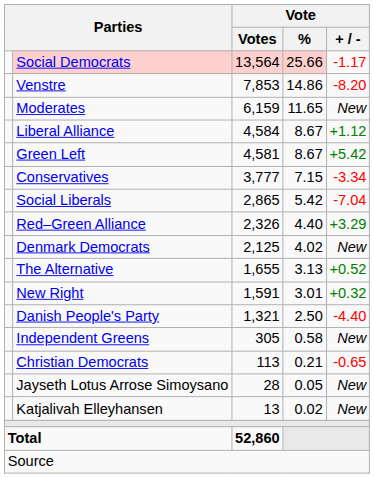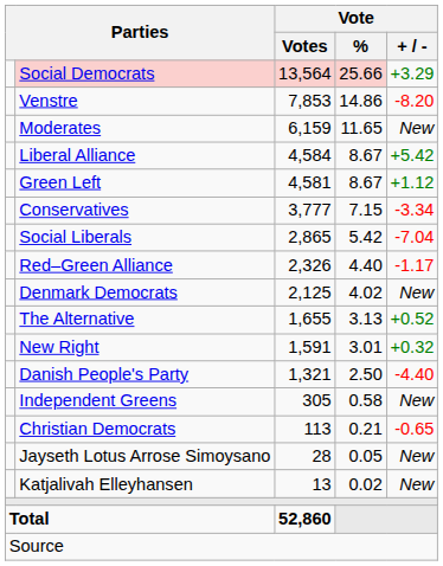 <table class="wikitable" style="text-align:right;">
 <tr>
 <th style="text-align:centre;" rowspan="2" colspan="2" width="225">Parties</th>
 <th colspan="3">Vote</th>
 </tr>
 <tr>
 <th width="15">Votes</th>
 <th width="15">%</th>
 <th width="15">+ / -</th>
 </tr>
 <tr>
 <td width="2" style="color:inherit;background:"></td>
 <td bgcolor=#fbd0ce  align="left"><a href='#'>Social Democrats</a></td>
 <td bgcolor=#fbd0ce>13,564</td>
 <td bgcolor=#fbd0ce>25.66</td>
-<td style=color:red;>-1.17</td>
+<td style=color:green;>+3.29</td>
 </tr>
 <tr>
 <td width="2" style="color:inherit;background:"></td>
 <td align="left"><a href='#'>Venstre</a></td>
 <td>7,853</td>
 <td>14.86</td>
 <td style=color:red;>-8.20</td>
 </tr>
 <tr>
 <td width="2" style="color:inherit;background:"></td>
 <td align="left"><a href='#'>Moderates</a></td>
 <td>6,159</td>
 <td>11.65</td>
 <td><em>New</em></td>
 </tr>
 <tr>
 <td width="2" style="color:inherit;background:"></td>
 <td align="left"><a href='#'>Liberal Alliance</a></td>
 <td>4,584</td>
 <td>8.67</td>
-<td style=color:green;>+1.12</td>
+<td style=color:green;>+5.42</td>
 </tr>
 <tr>
 <td width="2" style="color:inherit;background:"></td>
 <td align="left"><a href='#'>Green Left</a></td>
 <td>4,581</td>
 <td>8.67</td>
-<td style=color:green;>+5.42</td>
+<td style=color:green;>+1.12</td>
 </tr>
 <tr>
 <td width="2" style="color:inherit;background:"></td>
 <td align="left"><a href='#'>Conservatives</a></td>
 <td>3,777</td>
 <td>7.15</td>
 <td style=color:red;>-3.34</td>
 </tr>
 <tr>
 <td width="2" style="color:inherit;background:"></td>
 <td align="left"><a href='#'>Social Liberals</a></td>
 <td>2,865</td>
 <td>5.42</td>
 <td style=color:red;>-7.04</td>
 </tr>
 <tr>
 <td width="2" style="color:inherit;background:"></td>
 <td align="left"><a href='#'>Red–Green Alliance</a></td>
 <td>2,326</td>
 <td>4.40</td>
-<td style=color:green;>+3.29</td>
+<td style=color:red;>-1.17</td>
 </tr>
 <tr>
 <td width="2" style="color:inherit;background:"></td>
 <td align="left"><a href='#'>Denmark Democrats</a></td>
 <td>2,125</td>
 <td>4.02</td>
 <td><em>New</em></td>
 </tr>
 <tr>
 <td width="2" style="color:inherit;background:"></td>
 <td align="left"><a href='#'>The Alternative</a></td>
 <td>1,655</td>
 <td>3.13</td>
 <td style=color:green;>+0.52</td>
 </tr>
 <tr>
 <td width="2" style="color:inherit;background:"></td>
 <td align="left"><a href='#'>New Right</a></td>
 <td>1,591</td>
 <td>3.01</td>
 <td style=color:green;>+0.32</td>
 </tr>
 <tr>
 <td width="2" style="color:inherit;background:"></td>
 <td align="left"><a href='#'>Danish People's Party</a></td>
 <td>1,321</td>
 <td>2.50</td>
 <td style=color:red;>-4.40</td>
 </tr>
 <tr>
 <td width="2" style="color:inherit;background:"></td>
 <td align="left"><a href='#'>Independent Greens</a></td>
 <td>305</td>
 <td>0.58</td>
 <td><em>New</em></td>
 </tr>
 <tr>
 <td width="2" style="color:inherit;background:"></td>
 <td align="left"><a href='#'>Christian Democrats</a></td>
 <td>113</td>
 <td>0.21</td>
 <td style=color:red;>-0.65</td>
 </tr>
 <tr>
 <td width="2" style="color:inherit;background:"></td>
 <td align="left">Jayseth Lotus Arrose Simoysano</td>
 <td>28</td>
 <td>0.05</td>
 <td><em>New</em></td>
 </tr>
 <tr>
 <td width="2" style="color:inherit;background:"></td>
 <td align="left">Katjalivah Elleyhansen</td>
 <td>13</td>
 <td>0.02</td>
 <td><em>New</em></td>
 </tr>
 <tr>
 <td colspan="7" bgcolor="#E9E9E9"></td>
 </tr>
 <tr>
 <td align="left" colspan="2"><strong>Total</strong></td>
 <td><strong>52,860</strong></td>
 <td bgcolor="#E9E9E9" colspan="2"></td>
 </tr>
 <tr>
 <td align="left" colspan="6">Source</td>
 </tr>
 </table>
